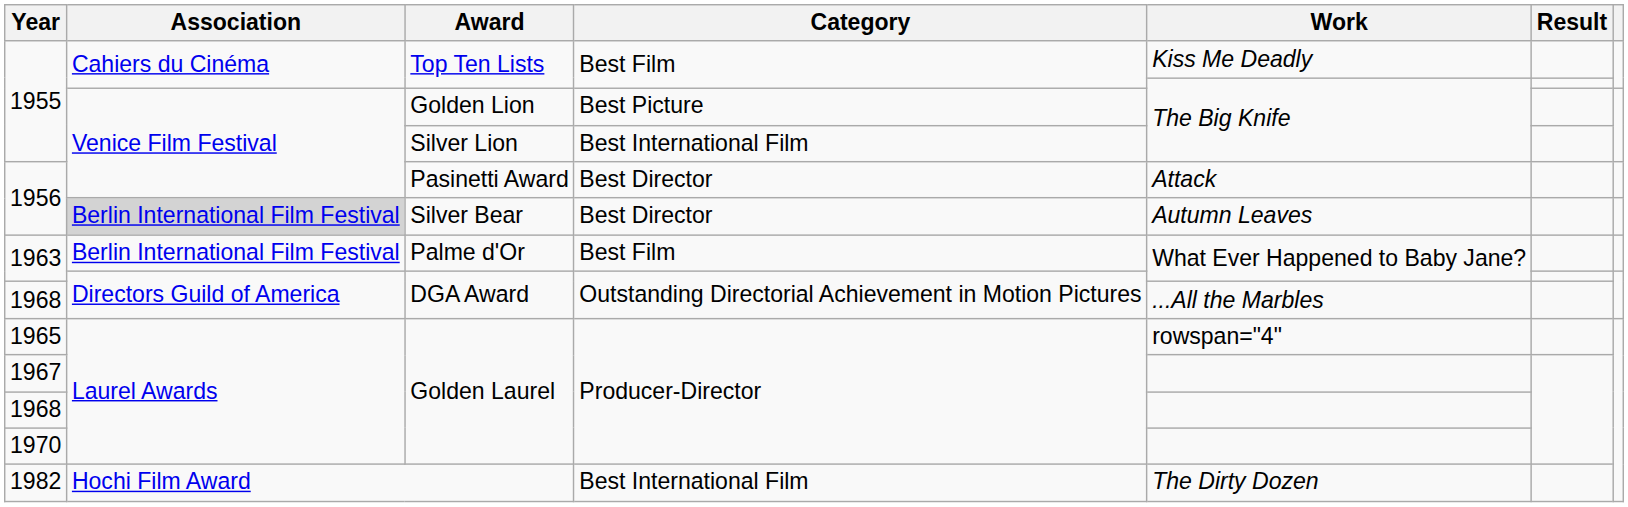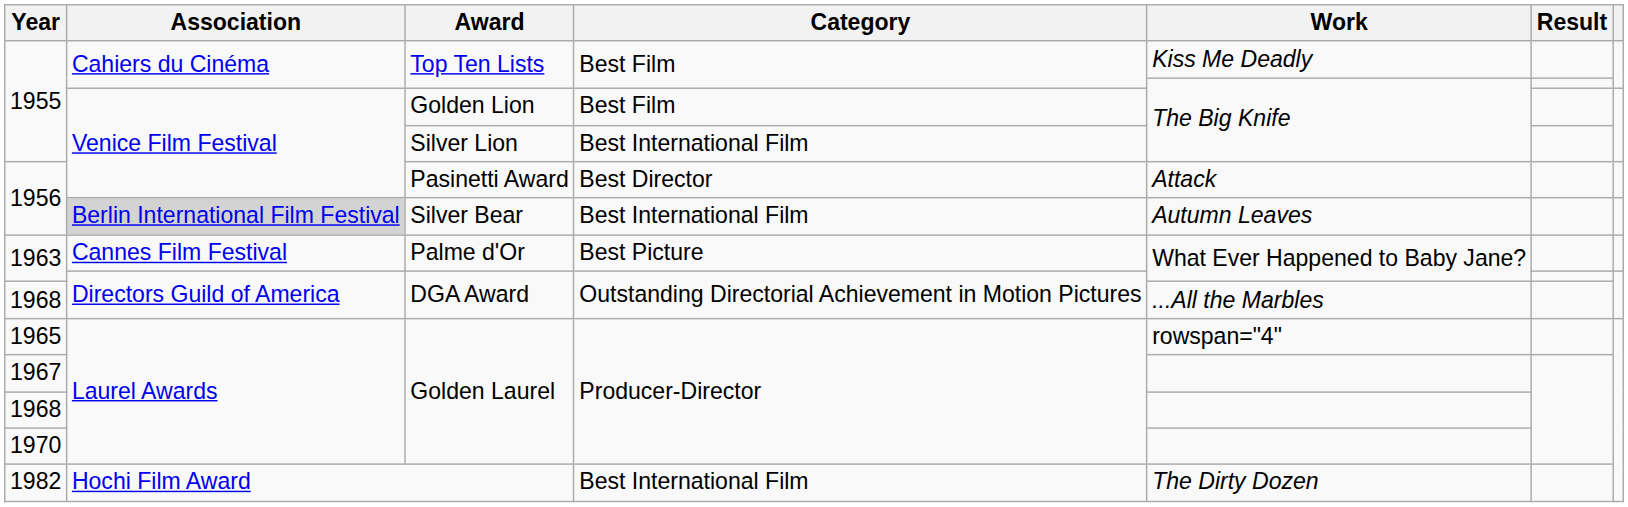 <table class="wikitable">
 <tr>
 <th>Year</th>
 <th>Association</th>
 <th>Award</th>
 <th>Category</th>
 <th>Work</th>
 <th>Result</th>
 <th></th>
 </tr>
 <tr>
 <td rowspan="4">1955</td>
 <td rowspan="2"><a href='#'>Cahiers du Cinéma</a></td>
 <td rowspan="2"><a href='#'>Top Ten Lists</a></td>
 <td rowspan="2">Best Film</td>
 <td><em>Kiss Me Deadly</em></td>
 <td></td>
 <td rowspan="2" align="center"></td>
 </tr>
 <tr>
 <td rowspan="3"><em>The Big Knife</em></td>
 <td></td>
 </tr>
 <tr>
 <td rowspan="3"><a href='#'>Venice Film Festival</a></td>
 <td>Golden Lion</td>
-<td>Best Picture</td>
+<td>Best Film</td>
 <td></td>
 <td rowspan="2" align="center"></td>
 </tr>
 <tr>
 <td>Silver Lion</td>
 <td>Best International Film</td>
 <td></td>
 </tr>
 <tr>
 <td rowspan="2">1956</td>
 <td>Pasinetti Award</td>
 <td>Best Director</td>
 <td><em>Attack</em></td>
 <td></td>
 <td align="center"></td>
 </tr>
 <tr>
 <td style="background: lightgrey;"><a href='#'>Berlin International Film Festival</a></td>
 <td>Silver Bear</td>
-<td>Best Director</td>
+<td>Best International Film</td>
 <td><em>Autumn Leaves</em></td>
 <td></td>
 <td align="center"></td>
 </tr>
 <tr>
 <td rowspan="2">1963</td>
-<td><a href='#'>Berlin International Film Festival</a></td>
+<td><a href='#'>Cannes Film Festival</a></td>
 <td>Palme d'Or</td>
-<td>Best Film</td>
+<td>Best Picture</td>
 <td rowspan="2">What Ever Happened to Baby Jane?</td>
 <td></td>
 <td align="center"></td>
 </tr>
 <tr>
 <td rowspan="2"><a href='#'>Directors Guild of America</a></td>
 <td rowspan="2">DGA Award</td>
 <td rowspan="2">Outstanding Directorial Achievement in Motion Pictures</td>
 <td></td>
 <td rowspan="2" align="center"></td>
 </tr>
 <tr>
 <td>1968</td>
 <td><em>...All the Marbles</em></td>
 <td></td>
 </tr>
 <tr>
 <td>1965</td>
 <td rowspan="4"><a href='#'>Laurel Awards</a></td>
 <td rowspan="4">Golden Laurel</td>
 <td rowspan="4">Producer-Director</td>
 <td>rowspan="4" </td>
 <td></td>
 <td rowspan="5" align="center"></td>
 </tr>
 <tr>
 <td>1967</td>
 <td></td>
 </tr>
 <tr>
 <td>1968</td>
 <td></td>
 </tr>
 <tr>
 <td>1970</td>
 <td></td>
 </tr>
 <tr>
 <td>1982</td>
 <td colspan="2"><a href='#'>Hochi Film Award</a></td>
 <td>Best International Film</td>
 <td><em>The Dirty Dozen</em></td>
 <td></td>
 </tr>
 </table>
